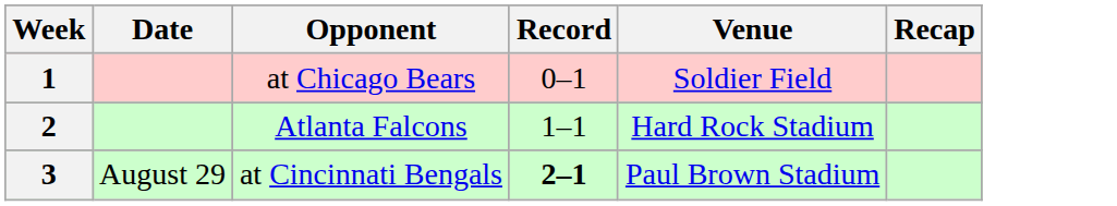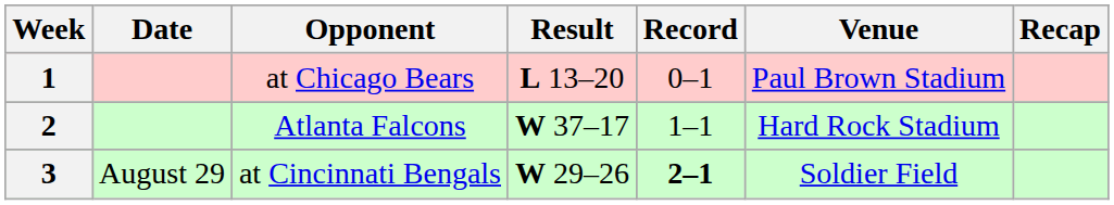 <table class="wikitable" style="text-align:center">
 <tr>
 <th>Week</th>
 <th>Date</th>
 <th>Opponent</th>
+<th>Result</th>
 <th>Record</th>
 <th>Venue</th>
 <th>Recap</th>
 </tr>
 <tr style="background:#fcc">
 <th>1</th>
 <td></td>
 <td>at <a href='#'>Chicago Bears</a></td>
+<td><strong>L</strong> 13–20</td>
 <td>0–1</td>
-<td><a href='#'>Soldier Field</a></td>
+<td><a href='#'>Paul Brown Stadium</a></td>
 <td></td>
 </tr>
 <tr style="background:#cfc">
 <th>2</th>
 <td></td>
 <td><a href='#'>Atlanta Falcons</a></td>
+<td><strong>W</strong> 37–17</td>
 <td>1–1</td>
 <td><a href='#'>Hard Rock Stadium</a></td>
 <td></td>
 </tr>
 <tr style="background:#cfc">
 <th>3</th>
 <td>August 29</td>
 <td>at <a href='#'>Cincinnati Bengals</a></td>
+<td><strong>W</strong> 29–26</td>
 <td><strong>2–1</strong></td>
-<td><a href='#'>Paul Brown Stadium</a></td>
+<td><a href='#'>Soldier Field</a></td>
 <td></td>
 </tr>
 </table>
